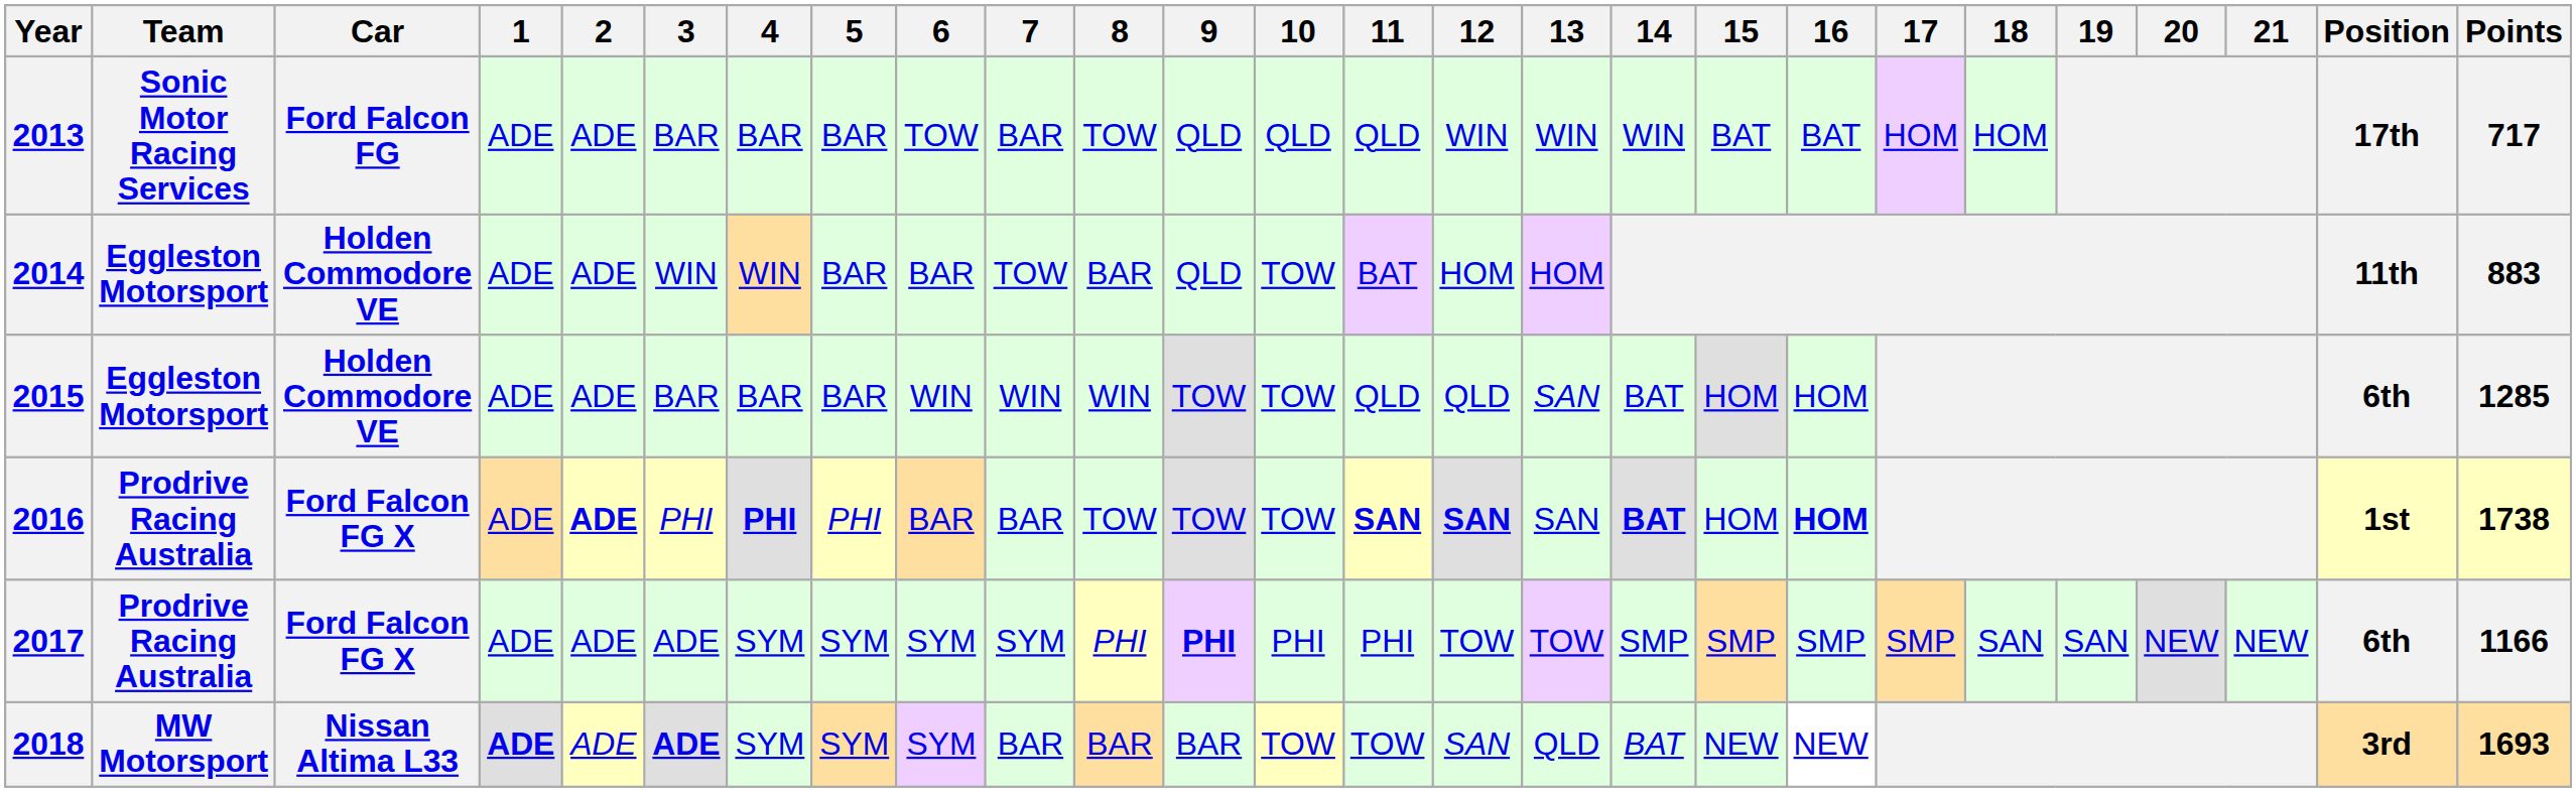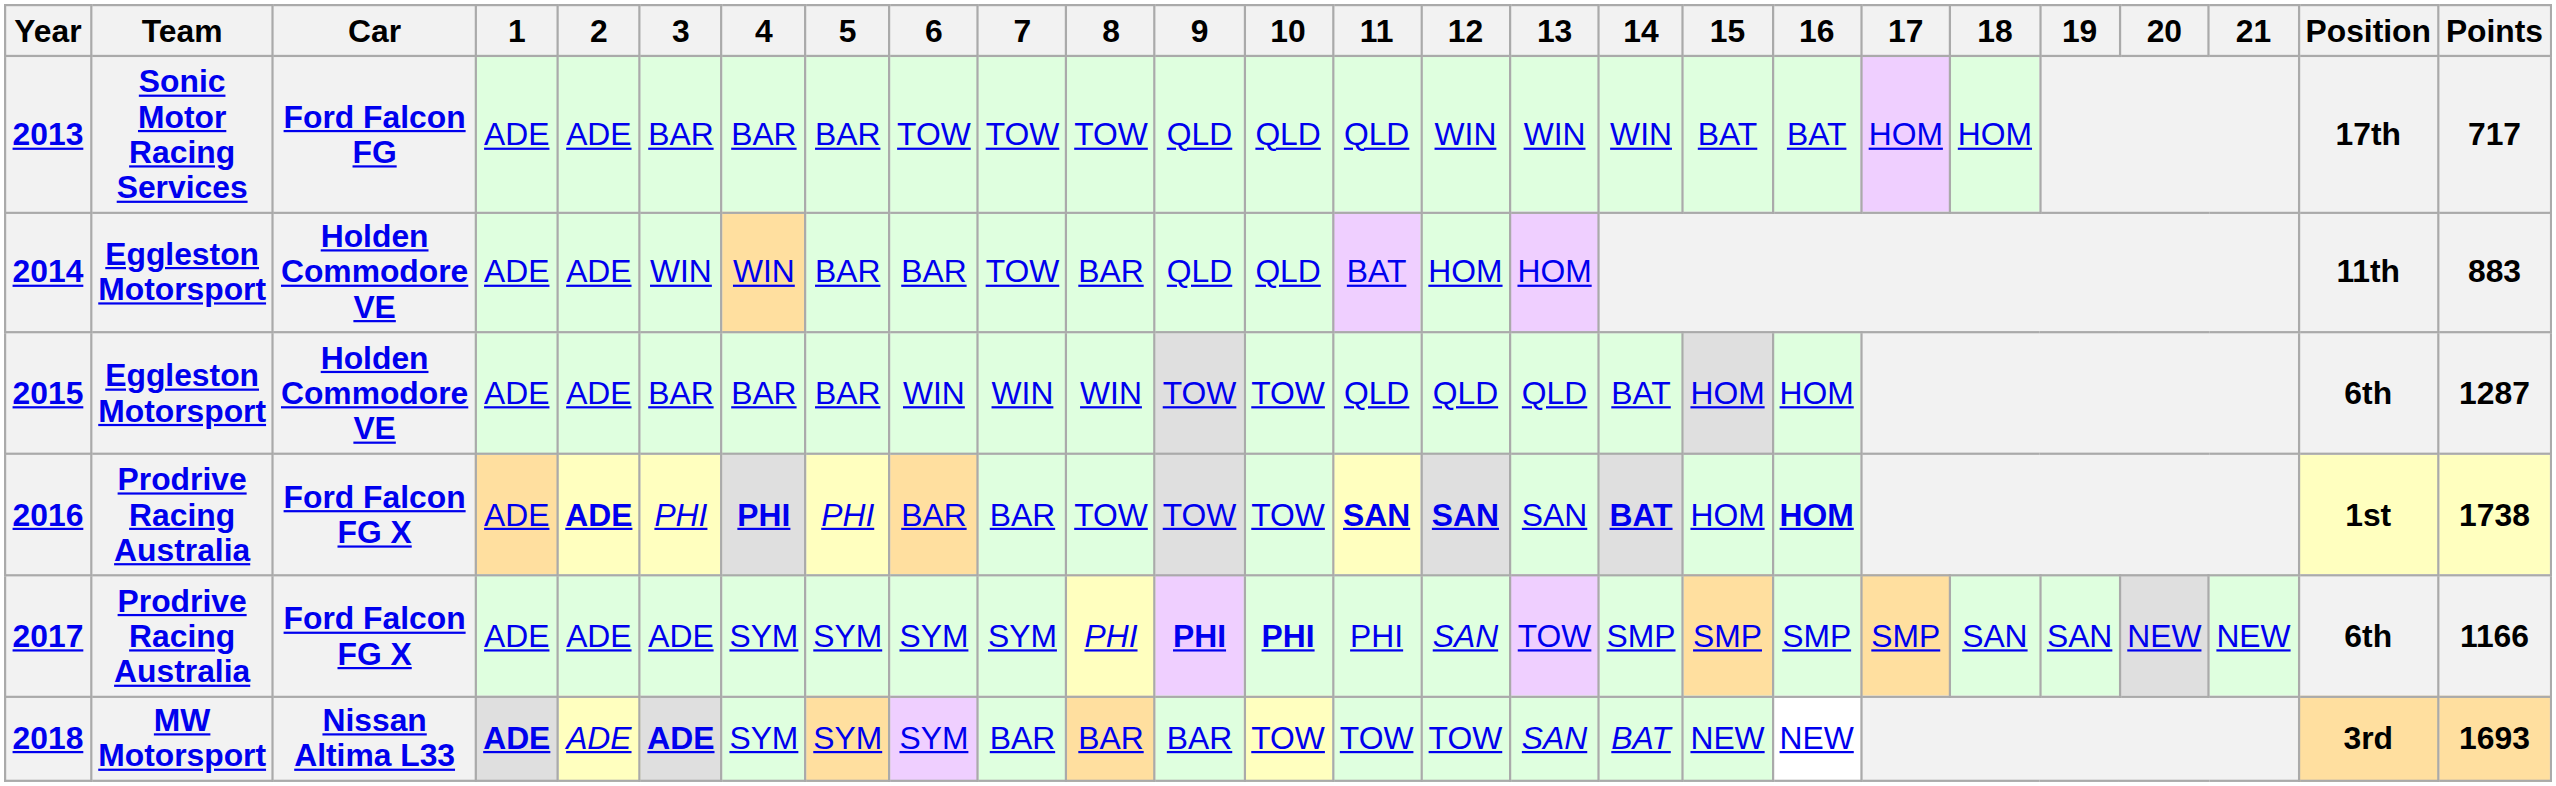 <table class="wikitable" style="text-align:center; font-size:90%">
 <tr>
 <th>Year</th>
 <th>Team</th>
 <th>Car</th>
 <th>1</th>
 <th>2</th>
 <th>3</th>
 <th>4</th>
 <th>5</th>
 <th>6</th>
 <th>7</th>
 <th>8</th>
 <th>9</th>
 <th>10</th>
 <th>11</th>
 <th>12</th>
 <th>13</th>
 <th>14</th>
 <th>15</th>
 <th>16</th>
 <th>17</th>
 <th>18</th>
 <th>19</th>
 <th>20</th>
 <th>21</th>
 <th>Position</th>
 <th>Points</th>
 </tr>
 <tr>
 <th><a href='#'>2013</a></th>
 <th><a href='#'>Sonic Motor Racing Services</a></th>
 <th><a href='#'>Ford Falcon FG</a></th>
 <td style=background:#dfffdf><a href='#'>ADE</a><br></td>
 <td style=background:#dfffdf><a href='#'>ADE</a><br></td>
 <td style=background:#dfffdf><a href='#'>BAR</a><br></td>
 <td style=background:#dfffdf><a href='#'>BAR</a><br></td>
 <td style=background:#dfffdf><a href='#'>BAR</a><br></td>
 <td style=background:#dfffdf><a href='#'>TOW</a><br></td>
-<td style="background:#dfffdf"><a href='#'>BAR</a><br></td>
+<td style=background:#dfffdf><a href='#'>TOW</a><br></td>
 <td style=background:#dfffdf><a href='#'>TOW</a><br></td>
 <td style=background:#dfffdf><a href='#'>QLD</a><br></td>
 <td style=background:#dfffdf><a href='#'>QLD</a><br></td>
 <td style=background:#dfffdf><a href='#'>QLD</a><br></td>
 <td style=background:#dfffdf><a href='#'>WIN</a><br></td>
 <td style=background:#dfffdf><a href='#'>WIN</a><br></td>
 <td style=background:#dfffdf><a href='#'>WIN</a><br></td>
 <td style=background:#dfffdf><a href='#'>BAT</a><br></td>
 <td style=background:#dfffdf><a href='#'>BAT</a><br></td>
 <td style=background:#efcfff><a href='#'>HOM</a><br></td>
 <td style=background:#dfffdf><a href='#'>HOM</a><br></td>
 <th colspan=3></th>
 <th>17th</th>
 <th>717</th>
 </tr>
 <tr>
 <th><a href='#'>2014</a></th>
 <th><a href='#'>Eggleston Motorsport</a></th>
 <th><a href='#'>Holden Commodore VE</a></th>
 <td style=background:#dfffdf><a href='#'>ADE</a><br></td>
 <td style=background:#dfffdf><a href='#'>ADE</a><br></td>
 <td style=background:#dfffdf><a href='#'>WIN</a><br></td>
 <td style=background:#ffdf9f><a href='#'>WIN</a><br></td>
 <td style=background:#dfffdf><a href='#'>BAR</a><br></td>
 <td style=background:#dfffdf><a href='#'>BAR</a><br></td>
 <td style=background:#dfffdf><a href='#'>TOW</a><br></td>
 <td style=background:#dfffdf><a href='#'>BAR</a><br></td>
 <td style=background:#dfffdf><a href='#'>QLD</a><br></td>
-<td style=background:#dfffdf><a href='#'>TOW</a><br></td>
+<td style=background:#dfffdf><a href='#'>QLD</a><br></td>
 <td style=background:#efcfff><a href='#'>BAT</a><br></td>
 <td style=background:#dfffdf><a href='#'>HOM</a><br></td>
 <td style=background:#efcfff><a href='#'>HOM</a><br></td>
 <th colspan=8></th>
 <th>11th</th>
 <th>883</th>
 </tr>
 <tr>
 <th><a href='#'>2015</a></th>
 <th><a href='#'>Eggleston Motorsport</a></th>
 <th><a href='#'>Holden Commodore VE</a></th>
 <td style=background:#dfffdf><a href='#'>ADE</a><br></td>
 <td style=background:#dfffdf><a href='#'>ADE</a><br></td>
 <td style=background:#dfffdf><a href='#'>BAR</a><br></td>
 <td style=background:#dfffdf><a href='#'>BAR</a><br></td>
 <td style=background:#dfffdf><a href='#'>BAR</a><br></td>
 <td style=background:#dfffdf><a href='#'>WIN</a><br></td>
 <td style=background:#dfffdf><a href='#'>WIN</a><br></td>
 <td style=background:#dfffdf><a href='#'>WIN</a><br></td>
 <td style=background:#dfdfdf><a href='#'>TOW</a><br></td>
 <td style=background:#dfffdf><a href='#'>TOW</a><br></td>
 <td style=background:#dfffdf><a href='#'>QLD</a><br></td>
 <td style=background:#dfffdf><a href='#'>QLD</a><br></td>
-<td style="background:#dfffdf"><em><a href='#'>SAN</a><br></em></td>
+<td style=background:#dfffdf><a href='#'>QLD</a><br></td>
 <td style=background:#dfffdf><a href='#'>BAT</a><br></td>
 <td style=background:#dfdfdf><a href='#'>HOM</a><br></td>
 <td style=background:#dfffdf><a href='#'>HOM</a><br></td>
 <th colspan=5></th>
 <th>6th</th>
-<th>1285</th>
+<th>1287</th>
 </tr>
 <tr>
 <th><a href='#'>2016</a></th>
 <th><a href='#'>Prodrive Racing Australia</a></th>
 <th><a href='#'>Ford Falcon FG X</a></th>
 <td style=background:#ffdf9f><a href='#'>ADE</a><br></td>
 <td style=background:#ffffbf><strong><a href='#'>ADE</a><br></strong></td>
 <td style=background:#ffffbf><em><a href='#'>PHI</a><br></em></td>
 <td style=background:#dfdfdf><strong><a href='#'>PHI</a><br></strong></td>
 <td style=background:#ffffbf><em><a href='#'>PHI</a><br></em></td>
 <td style=background:#ffdf9f><a href='#'>BAR</a><br></td>
 <td style=background:#dfffdf><a href='#'>BAR</a><br></td>
 <td style=background:#dfffdf><a href='#'>TOW</a><br></td>
 <td style=background:#dfdfdf><a href='#'>TOW</a><br></td>
 <td style=background:#dfffdf><a href='#'>TOW</a><br></td>
 <td style=background:#ffffbf><strong><a href='#'>SAN</a><br></strong></td>
 <td style=background:#dfdfdf><strong><a href='#'>SAN</a><br></strong></td>
 <td style=background:#dfffdf><a href='#'>SAN</a><br></td>
 <td style=background:#dfdfdf><strong><a href='#'>BAT</a><br></strong></td>
 <td style=background:#dfffdf><a href='#'>HOM</a><br></td>
 <td style=background:#dfffdf><strong><a href='#'>HOM</a><br></strong></td>
 <th colspan=5></th>
 <td align="center" style="background: #ffffbf"><strong>1st</strong></td>
 <td align="center" style="background: #ffffbf"><strong>1738</strong></td>
 </tr>
 <tr>
 <th><a href='#'>2017</a></th>
 <th><a href='#'>Prodrive Racing Australia</a></th>
 <th><a href='#'>Ford Falcon FG X</a></th>
 <td style=background:#dfffdf><a href='#'>ADE</a><br></td>
 <td style=background:#dfffdf><a href='#'>ADE</a><br></td>
 <td style=background:#dfffdf><a href='#'>ADE</a><br></td>
 <td style=background:#dfffdf><a href='#'>SYM</a><br></td>
 <td style=background:#dfffdf><a href='#'>SYM</a><br></td>
 <td style=background:#dfffdf><a href='#'>SYM</a><br></td>
 <td style=background:#dfffdf><a href='#'>SYM</a><br></td>
 <td style=background:#ffffbf><em><a href='#'>PHI</a><br></em></td>
 <td style=background:#efcfff><strong><a href='#'>PHI</a><br></strong></td>
+<td style=background:#dfffdf><strong><a href='#'>PHI</a><br></strong></td>
 <td style=background:#dfffdf><a href='#'>PHI</a><br></td>
-<td style=background:#dfffdf><a href='#'>PHI</a><br></td>
-<td style=background:#dfffdf><a href='#'>TOW</a><br></td>
+<td style="background:#dfffdf"><em><a href='#'>SAN</a><br></em></td>
 <td style=background:#efcfff><a href='#'>TOW</a><br></td>
 <td style=background:#dfffdf><a href='#'>SMP</a><br></td>
 <td style=background:#ffdf9f><a href='#'>SMP</a><br></td>
 <td style=background:#dfffdf><a href='#'>SMP</a><br></td>
 <td style=background:#ffdf9f><a href='#'>SMP</a><br></td>
 <td style=background:#dfffdf><a href='#'>SAN</a><br></td>
 <td style=background:#dfffdf><a href='#'>SAN</a><br></td>
 <td style=background:#dfdfdf><a href='#'>NEW</a><br></td>
 <td style=background:#dfffdf><a href='#'>NEW</a><br></td>
 <th>6th</th>
 <th>1166</th>
 </tr>
 <tr>
 <th><a href='#'>2018</a></th>
 <th><a href='#'>MW Motorsport</a></th>
 <th><a href='#'>Nissan Altima L33</a></th>
 <td style="background:#dfdfdf"><strong><a href='#'>ADE</a><br></strong></td>
 <td style="background:#ffffbf"><em><a href='#'>ADE</a><br></em></td>
 <td style="background:#dfdfdf"><strong><a href='#'>ADE</a><br></strong></td>
 <td style="background:#dfffdf"><a href='#'>SYM</a><br></td>
 <td style="background:#ffdf9f"><a href='#'>SYM</a><br></td>
 <td style="background:#efcfff"><a href='#'>SYM</a><br></td>
 <td style="background:#dfffdf"><a href='#'>BAR</a><br></td>
 <td style="background:#ffdf9f"><a href='#'>BAR</a><br></td>
 <td style="background:#dfffdf"><a href='#'>BAR</a><br></td>
 <td style="background:#ffffbf"><a href='#'>TOW</a><br></td>
 <td style="background:#dfffdf"><a href='#'>TOW</a><br></td>
+<td style=background:#dfffdf><a href='#'>TOW</a><br></td>
 <td style="background:#dfffdf"><em><a href='#'>SAN</a><br></em></td>
-<td style=background:#dfffdf><a href='#'>QLD</a><br></td>
 <td style="background:#dfffdf"><em><a href='#'>BAT</a><br></em></td>
 <td style="background:#dfffdf"><a href='#'>NEW</a><br></td>
 <td style="background:#ffffff"><a href='#'>NEW</a><br></td>
 <th colspan=5></th>
 <td align="center" style="background: #ffdf9f"><strong>3rd</strong></td>
 <td align="center" style="background: #ffdf9f"><strong>1693</strong></td>
 </tr>
 </table>
